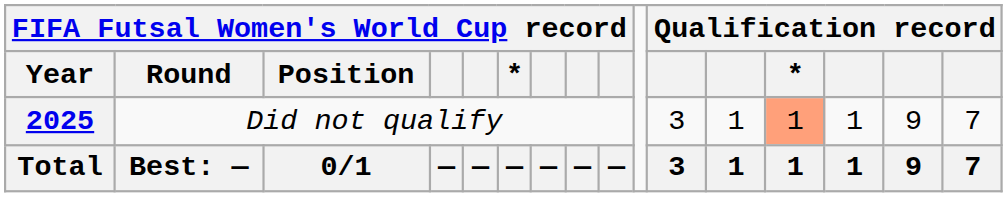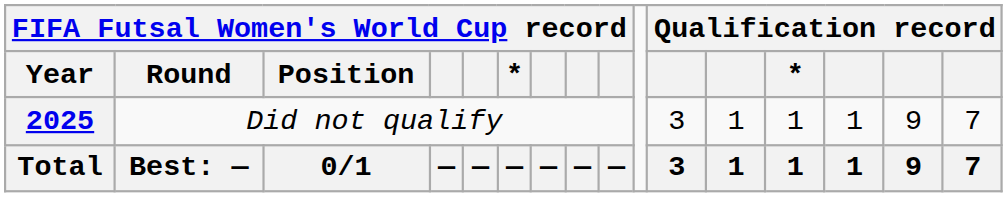 <table class="wikitable" style="text-align: center;">
 <tr>
 <th colspan="9"><a href='#'>FIFA Futsal Women's World Cup</a> record</th>
 <td rowspan=13></td>
 <th colspan=6>Qualification record</th>
 </tr>
 <tr>
 <th>Year</th>
 <th>Round</th>
 <th>Position</th>
 <th></th>
 <th></th>
 <th>*</th>
 <th></th>
 <th></th>
 <th></th>
 <th></th>
 <th></th>
 <th>*</th>
 <th></th>
 <th></th>
 <th></th>
 </tr>
 <tr>
 <th> <a href='#'>2025</a></th>
 <td colspan="8"><em>Did not qualify</em></td>
 <td>3</td>
 <td>1</td>
-<td style="background: lightsalmon;">1</td>
+<td>1</td>
 <td>1</td>
 <td>9</td>
 <td>7</td>
 </tr>
 <tr>
 <th>Total</th>
 <th>Best: —</th>
 <th>0/1</th>
 <th>—</th>
 <th>—</th>
 <th>—</th>
 <th>—</th>
 <th>—</th>
 <th>—</th>
 <th>3</th>
 <th>1</th>
 <th>1</th>
 <th>1</th>
 <th>9</th>
 <th>7</th>
 </tr>
 </table>
